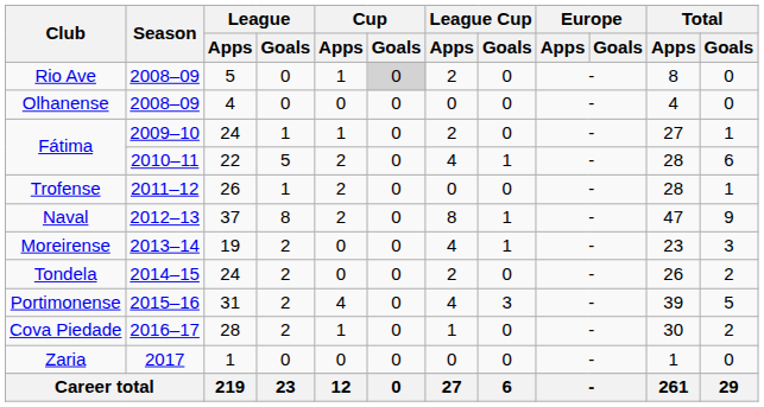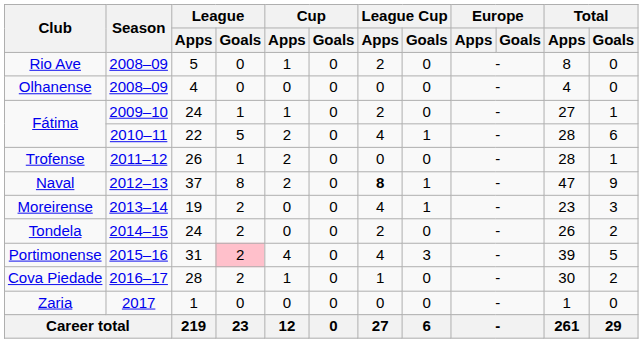 <table class="wikitable" style="text-align: center">
 <tr>
 <th rowspan="2">Club</th>
 <th rowspan="2">Season</th>
 <th colspan="2">League</th>
 <th colspan="2">Cup</th>
 <th colspan="2">League Cup</th>
 <th colspan="2">Europe</th>
 <th colspan="2">Total</th>
 </tr>
 <tr>
 <th>Apps</th>
 <th>Goals</th>
 <th>Apps</th>
 <th>Goals</th>
 <th>Apps</th>
 <th>Goals</th>
 <th>Apps</th>
 <th>Goals</th>
 <th>Apps</th>
 <th>Goals</th>
 </tr>
 <tr>
 <td rowspan=1><a href='#'>Rio Ave</a></td>
 <td><a href='#'>2008–09</a></td>
 <td>5</td>
 <td>0</td>
 <td>1</td>
-<td style="background: lightgrey;">0</td>
+<td>0</td>
 <td>2</td>
 <td>0</td>
 <td colspan="2">-</td>
 <td>8</td>
 <td>0</td>
 </tr>
 <tr>
 <td rowspan=1><a href='#'>Olhanense</a></td>
 <td><a href='#'>2008–09</a></td>
 <td>4</td>
 <td>0</td>
 <td>0</td>
 <td>0</td>
 <td>0</td>
 <td>0</td>
 <td colspan="2">-</td>
 <td>4</td>
 <td>0</td>
 </tr>
 <tr>
 <td rowspan=2><a href='#'>Fátima</a></td>
 <td><a href='#'>2009–10</a></td>
 <td>24</td>
 <td>1</td>
 <td>1</td>
 <td>0</td>
 <td>2</td>
 <td>0</td>
 <td colspan="2">-</td>
 <td>27</td>
 <td>1</td>
 </tr>
 <tr>
 <td><a href='#'>2010–11</a></td>
 <td>22</td>
 <td>5</td>
 <td>2</td>
 <td>0</td>
 <td>4</td>
 <td>1</td>
 <td colspan="2">-</td>
 <td>28</td>
 <td>6</td>
 </tr>
 <tr>
 <td rowspan=1><a href='#'>Trofense</a></td>
 <td><a href='#'>2011–12</a></td>
 <td>26</td>
 <td>1</td>
 <td>2</td>
 <td>0</td>
 <td>0</td>
 <td>0</td>
 <td colspan="2">-</td>
 <td>28</td>
 <td>1</td>
 </tr>
 <tr>
 <td rowspan=1><a href='#'>Naval</a></td>
 <td><a href='#'>2012–13</a></td>
 <td>37</td>
 <td>8</td>
 <td>2</td>
 <td>0</td>
-<td>8</td>
+<td><strong>8</strong></td>
 <td>1</td>
 <td colspan="2">-</td>
 <td>47</td>
 <td>9</td>
 </tr>
 <tr>
 <td rowspan=1><a href='#'>Moreirense</a></td>
 <td><a href='#'>2013–14</a></td>
 <td>19</td>
 <td>2</td>
 <td>0</td>
 <td>0</td>
 <td>4</td>
 <td>1</td>
 <td colspan="2">-</td>
 <td>23</td>
 <td>3</td>
 </tr>
 <tr>
 <td rowspan=1><a href='#'>Tondela</a></td>
 <td><a href='#'>2014–15</a></td>
 <td>24</td>
 <td>2</td>
 <td>0</td>
 <td>0</td>
 <td>2</td>
 <td>0</td>
 <td colspan="2">-</td>
 <td>26</td>
 <td>2</td>
 </tr>
 <tr>
 <td rowspan=1><a href='#'>Portimonense</a></td>
 <td><a href='#'>2015–16</a></td>
 <td>31</td>
-<td>2</td>
+<td style="background: pink;">2</td>
 <td>4</td>
 <td>0</td>
 <td>4</td>
 <td>3</td>
 <td colspan="2">-</td>
 <td>39</td>
 <td>5</td>
 </tr>
 <tr>
 <td rowspan=1><a href='#'>Cova Piedade</a></td>
 <td><a href='#'>2016–17</a></td>
 <td>28</td>
 <td>2</td>
 <td>1</td>
 <td>0</td>
 <td>1</td>
 <td>0</td>
 <td colspan="2">-</td>
 <td>30</td>
 <td>2</td>
 </tr>
 <tr>
 <td rowspan=1><a href='#'>Zaria</a></td>
 <td><a href='#'>2017</a></td>
 <td>1</td>
 <td>0</td>
 <td>0</td>
 <td>0</td>
 <td>0</td>
 <td>0</td>
 <td colspan="2">-</td>
 <td>1</td>
 <td>0</td>
 </tr>
 <tr>
 <th colspan=2>Career total</th>
 <th>219</th>
 <th>23</th>
 <th>12</th>
 <th>0</th>
 <th>27</th>
 <th>6</th>
 <th colspan="2">-</th>
 <th>261</th>
 <th>29</th>
 </tr>
 </table>
